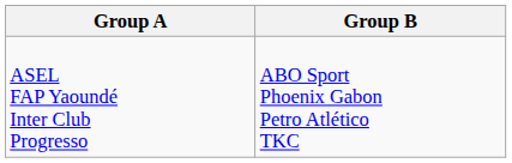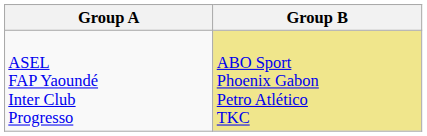 <table class="wikitable">
 <tr>
 <th width=195px>Group A</th>
 <th width=195px>Group B</th>
 </tr>
 <tr>
 <td valign=top><br> <a href='#'>ASEL</a><br>  <a href='#'>FAP Yaoundé</a><br>  <a href='#'>Inter Club</a><br>  <a href='#'>Progresso</a></td>
-<td valign=top><br> <a href='#'>ABO Sport</a><br>  <a href='#'>Phoenix Gabon</a><br>  <a href='#'>Petro Atlético</a><br>  <a href='#'>TKC</a></td>
+<td valign=top style="background: khaki;"><br> <a href='#'>ABO Sport</a><br>  <a href='#'>Phoenix Gabon</a><br>  <a href='#'>Petro Atlético</a><br>  <a href='#'>TKC</a></td>
 </tr>
 </table>
